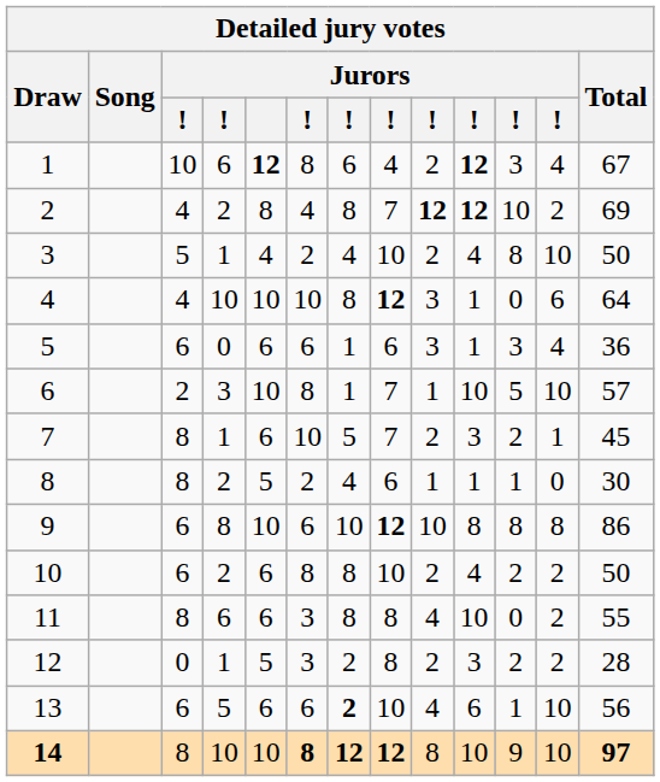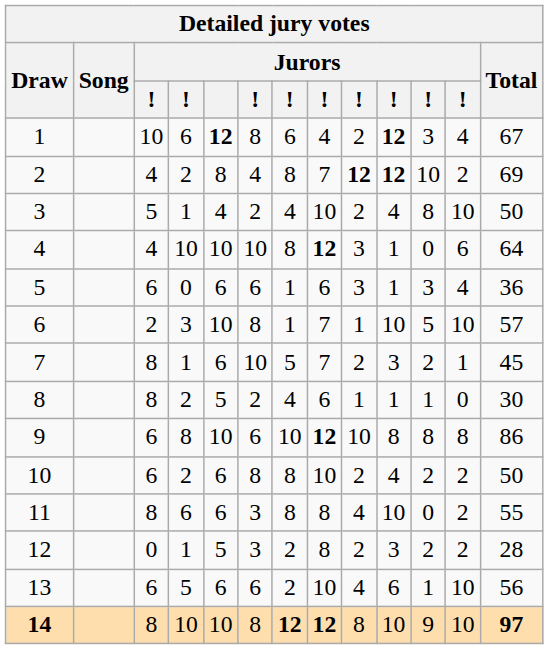 <table class="wikitable collapsible collapsed" style="float:right; margin:10px; text-align:center;">
 <tr>
 <th colspan="13">Detailed jury votes</th>
 </tr>
 <tr>
 <th rowspan="2">Draw</th>
 <th rowspan="2">Song</th>
 <th colspan="10">Jurors</th>
 <th rowspan="2">Total</th>
 </tr>
 <tr>
 <th>!</th>
 <th>!</th>
 <th></th>
 <th>!</th>
 <th>!</th>
 <th>!</th>
 <th>!</th>
 <th>!</th>
 <th>!</th>
 <th>!</th>
 </tr>
 <tr>
 <td>1</td>
 <td style="text-align:left;"></td>
 <td>10</td>
 <td>6</td>
 <td><strong>12</strong></td>
 <td>8</td>
 <td>6</td>
 <td>4</td>
 <td>2</td>
 <td><strong>12</strong></td>
 <td>3</td>
 <td>4</td>
 <td>67</td>
 </tr>
 <tr>
 <td>2</td>
 <td style="text-align:left;"></td>
 <td>4</td>
 <td>2</td>
 <td>8</td>
 <td>4</td>
 <td>8</td>
 <td>7</td>
 <td><strong>12</strong></td>
 <td><strong>12</strong></td>
 <td>10</td>
 <td>2</td>
 <td>69</td>
 </tr>
 <tr>
 <td>3</td>
 <td style="text-align:left;"></td>
 <td>5</td>
 <td>1</td>
 <td>4</td>
 <td>2</td>
 <td>4</td>
 <td>10</td>
 <td>2</td>
 <td>4</td>
 <td>8</td>
 <td>10</td>
 <td>50</td>
 </tr>
 <tr>
 <td>4</td>
 <td style="text-align:left;"></td>
 <td>4</td>
 <td>10</td>
 <td>10</td>
 <td>10</td>
 <td>8</td>
 <td><strong>12</strong></td>
 <td>3</td>
 <td>1</td>
 <td>0</td>
 <td>6</td>
 <td>64</td>
 </tr>
 <tr>
 <td>5</td>
 <td style="text-align:left;"></td>
 <td>6</td>
 <td>0</td>
 <td>6</td>
 <td>6</td>
 <td>1</td>
 <td>6</td>
 <td>3</td>
 <td>1</td>
 <td>3</td>
 <td>4</td>
 <td>36</td>
 </tr>
 <tr>
 <td>6</td>
 <td style="text-align:left;"></td>
 <td>2</td>
 <td>3</td>
 <td>10</td>
 <td>8</td>
 <td>1</td>
 <td>7</td>
 <td>1</td>
 <td>10</td>
 <td>5</td>
 <td>10</td>
 <td>57</td>
 </tr>
 <tr>
 <td>7</td>
 <td style="text-align:left;"></td>
 <td>8</td>
 <td>1</td>
 <td>6</td>
 <td>10</td>
 <td>5</td>
 <td>7</td>
 <td>2</td>
 <td>3</td>
 <td>2</td>
 <td>1</td>
 <td>45</td>
 </tr>
 <tr>
 <td>8</td>
 <td style="text-align:left;"></td>
 <td>8</td>
 <td>2</td>
 <td>5</td>
 <td>2</td>
 <td>4</td>
 <td>6</td>
 <td>1</td>
 <td>1</td>
 <td>1</td>
 <td>0</td>
 <td>30</td>
 </tr>
 <tr>
 <td>9</td>
 <td style="text-align:left;"></td>
 <td>6</td>
 <td>8</td>
 <td>10</td>
 <td>6</td>
 <td>10</td>
 <td><strong>12</strong></td>
 <td>10</td>
 <td>8</td>
 <td>8</td>
 <td>8</td>
 <td>86</td>
 </tr>
 <tr>
 <td>10</td>
 <td style="text-align:left;"></td>
 <td>6</td>
 <td>2</td>
 <td>6</td>
 <td>8</td>
 <td>8</td>
 <td>10</td>
 <td>2</td>
 <td>4</td>
 <td>2</td>
 <td>2</td>
 <td>50</td>
 </tr>
 <tr>
 <td>11</td>
 <td style="text-align:left;"></td>
 <td>8</td>
 <td>6</td>
 <td>6</td>
 <td>3</td>
 <td>8</td>
 <td>8</td>
 <td>4</td>
 <td>10</td>
 <td>0</td>
 <td>2</td>
 <td>55</td>
 </tr>
 <tr>
 <td>12</td>
 <td style="text-align:left;"></td>
 <td>0</td>
 <td>1</td>
 <td>5</td>
 <td>3</td>
 <td>2</td>
 <td>8</td>
 <td>2</td>
 <td>3</td>
 <td>2</td>
 <td>2</td>
 <td>28</td>
 </tr>
 <tr>
 <td>13</td>
 <td style="text-align:left;"></td>
 <td>6</td>
 <td>5</td>
 <td>6</td>
 <td>6</td>
-<td><strong>2</strong></td>
+<td>2</td>
 <td>10</td>
 <td>4</td>
 <td>6</td>
 <td>1</td>
 <td>10</td>
 <td>56</td>
 </tr>
 <tr style="background: navajowhite;">
 <td><strong>14</strong></td>
 <td style="text-align:left;"><strong></strong></td>
 <td>8</td>
 <td>10</td>
 <td>10</td>
-<td><strong>8</strong></td>
+<td>8</td>
 <td><strong>12</strong></td>
 <td><strong>12</strong></td>
 <td>8</td>
 <td>10</td>
 <td>9</td>
 <td>10</td>
 <td><strong>97</strong></td>
 </tr>
 </table>
